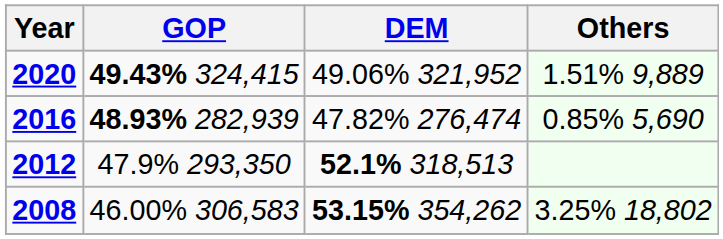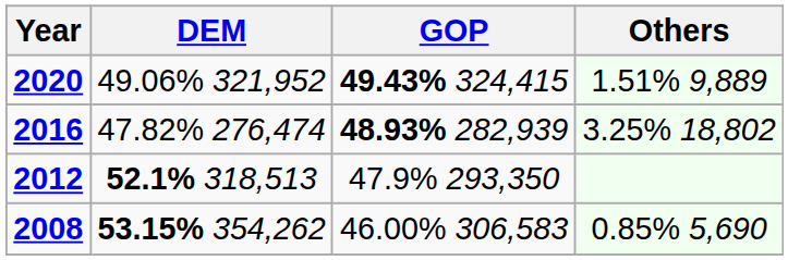 <table class="wikitable" class="toccolours" style="float:right; margin:1em 0 1em 1em; font-size:95%;">
 <tr>
 <th>Year</th>
+<th><a href='#'>DEM</a></th>
 <th><a href='#'>GOP</a></th>
-<th><a href='#'>DEM</a></th>
 <th>Others</th>
 </tr>
 <tr>
 <td style="text-align:center; "><strong><a href='#'>2020</a></strong></td>
+<td style="text-align:center; ">49.06% <em>321,952</em></td>
 <td style="text-align:center; "><strong>49.43%</strong> <em>324,415</em></td>
-<td style="text-align:center; ">49.06% <em>321,952</em></td>
 <td style="text-align:center; background:honeyDew;">1.51% <em>9,889</em></td>
 </tr>
 <tr>
 <td style="text-align:center; "><strong><a href='#'>2016</a></strong></td>
+<td style="text-align:center; ">47.82% <em>276,474</em></td>
 <td style="text-align:center; "><strong>48.93%</strong> <em>282,939</em></td>
-<td style="text-align:center; ">47.82% <em>276,474</em></td>
-<td style="text-align:center; background:honeyDew;">0.85% <em>5,690</em></td>
+<td style="text-align:center; background:honeyDew;">3.25% <em>18,802</em></td>
 </tr>
 <tr>
 <td style="text-align:center; "><strong><a href='#'>2012</a></strong></td>
+<td style="text-align:center; "><strong>52.1%</strong> <em>318,513</em></td>
 <td style="text-align:center; ">47.9% <em>293,350</em></td>
-<td style="text-align:center; "><strong>52.1%</strong> <em>318,513</em></td>
 <td style="text-align:center; background:honeyDew;"></td>
 </tr>
 <tr>
 <td style="text-align:center; "><strong><a href='#'>2008</a></strong></td>
+<td style="text-align:center; "><strong>53.15%</strong> <em>354,262</em></td>
 <td style="text-align:center; ">46.00% <em>306,583</em></td>
-<td style="text-align:center; "><strong>53.15%</strong> <em>354,262</em></td>
-<td style="text-align:center; background:honeyDew;">3.25% <em>18,802</em></td>
+<td style="text-align:center; background:honeyDew;">0.85% <em>5,690</em></td>
 </tr>
 </table>
